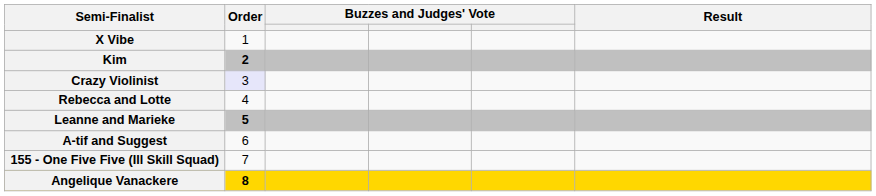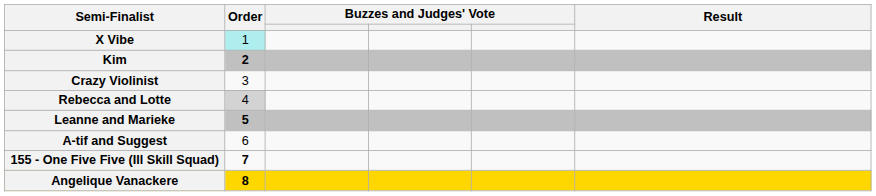 <table class="wikitable plainrowheaders sortable" style="text-align:center;">
 <tr>
 <th scope="col" rowspan=2 class="unsortable" style="width:17em;">Semi-Finalist</th>
 <th scope="col" rowspan=2 style="width:1em;">Order</th>
 <th scope="col" colspan=3 class="unsortable" style="width:24em;">Buzzes and Judges' Vote</th>
 <th scope="col" rowspan=2 style="width:23em;">Result</th>
 </tr>
 <tr>
 <th scope="col" class="unsortable" style="width:6em;"></th>
 <th scope="col" class="unsortable" style="width:6em;"></th>
 <th scope="col" class="unsortable" style="width:6em;"></th>
 </tr>
 <tr>
 <th scope="row">X Vibe</th>
-<td>1</td>
+<td style="background: paleturquoise;">1</td>
 <td style="text-align:center;"></td>
 <td style="text-align:center;"></td>
 <td style="text-align:center;"></td>
 <td></td>
 </tr>
 <tr bgcolor=silver>
 <th scope="row"><strong>Kim</strong></th>
 <td><strong>2</strong></td>
 <td style="text-align:center;"></td>
 <td style="text-align:center;"></td>
 <td style="text-align:center;"></td>
 <td><strong></strong></td>
 </tr>
 <tr>
 <th scope="row">Crazy Violinist</th>
-<td style="background: lavender;">3</td>
+<td>3</td>
 <td style="text-align:center;"></td>
 <td style="text-align:center;"></td>
 <td style="text-align:center;"></td>
 <td></td>
 </tr>
 <tr>
 <th scope="row">Rebecca and Lotte</th>
-<td>4</td>
+<td style="background: lightgrey;">4</td>
 <td style="text-align:center;"></td>
 <td style="text-align:center;"></td>
 <td style="text-align:center;"></td>
 <td></td>
 </tr>
 <tr bgcolor=silver>
 <th scope="row"><strong>Leanne and Marieke</strong></th>
 <td><strong>5</strong></td>
 <td style="text-align:center;"></td>
 <td style="text-align:center;"></td>
 <td style="text-align:center;"></td>
 <td><strong></strong></td>
 </tr>
 <tr>
 <th scope="row">A-tif and Suggest</th>
 <td>6</td>
 <td style="text-align:center;"></td>
 <td style="text-align:center;"></td>
 <td style="text-align:center;"></td>
 <td></td>
 </tr>
 <tr>
 <th scope="row">155 - One Five Five (Ill Skill Squad)</th>
-<td>7</td>
+<td><strong>7</strong></td>
 <td style="text-align:center;"></td>
 <td style="text-align:center;"></td>
 <td style="text-align:center;"></td>
 <td></td>
 </tr>
 <tr bgcolor=gold>
 <th scope="row"><strong>Angelique Vanackere</strong></th>
 <td><strong>8</strong></td>
 <td style="text-align:center;"></td>
 <td style="text-align:center;"></td>
 <td style="text-align:center;"></td>
 <td><strong></strong></td>
 </tr>
 </table>
